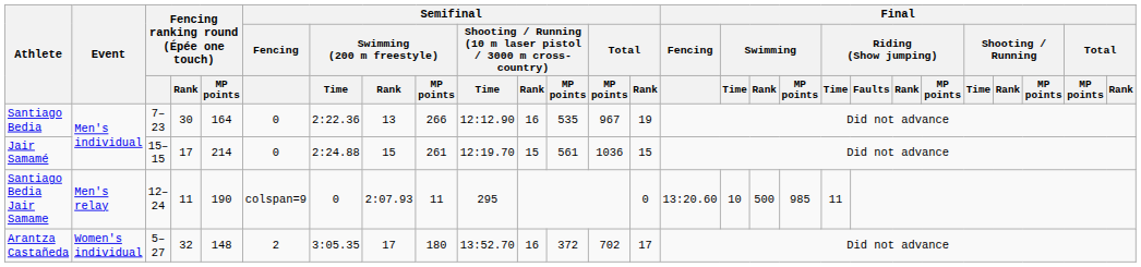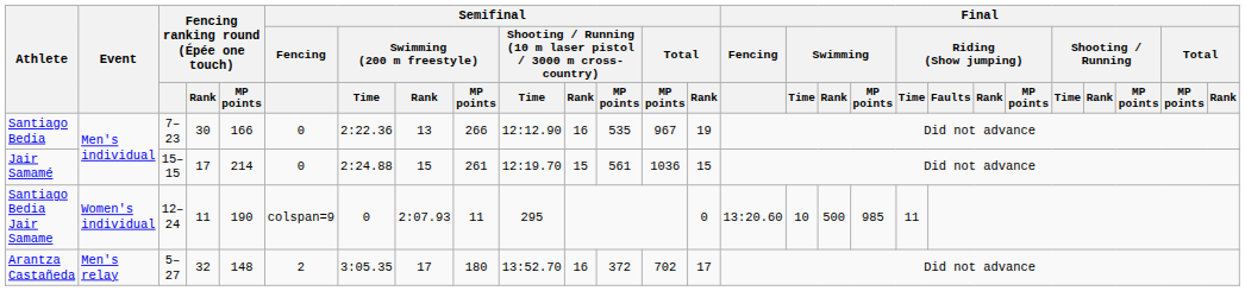 <table class=wikitable style=font-size:90%;text-align:center>
 <tr>
 <th rowspan=3>Athlete</th>
 <th rowspan=3>Event</th>
 <th colspan=3 rowspan=2>Fencing ranking round<br><span>(Épée one touch)</span></th>
 <th colspan=9>Semifinal</th>
 <th colspan=13>Final</th>
 </tr>
 <tr style=font-size:95%>
 <th>Fencing</th>
 <th colspan=3>Swimming<br><span>(200 m freestyle)</span></th>
 <th colspan=3>Shooting / Running<br><span>(10 m laser pistol / 3000 m cross-country)</span></th>
 <th colspan=2>Total</th>
 <th>Fencing</th>
 <th colspan=3>Swimming</th>
 <th colspan=4>Riding<br><span>(Show jumping)</span></th>
 <th colspan=3>Shooting / Running</th>
 <th colspan=2>Total</th>
 </tr>
 <tr style=font-size:90%>
 <th></th>
 <th>Rank</th>
 <th>MP points</th>
 <th></th>
 <th>Time</th>
 <th>Rank</th>
 <th>MP points</th>
 <th>Time</th>
 <th>Rank</th>
 <th>MP points</th>
 <th>MP points</th>
 <th>Rank</th>
 <th></th>
 <th>Time</th>
 <th>Rank</th>
 <th>MP points</th>
 <th>Time</th>
 <th>Faults</th>
 <th>Rank</th>
 <th>MP points</th>
 <th>Time</th>
 <th>Rank</th>
 <th>MP points</th>
 <th>MP points</th>
 <th>Rank</th>
 </tr>
 <tr>
 <td align=left><a href='#'>Santiago Bedia⁣</a></td>
 <td align=left rowspan=2><a href='#'>Men's individual</a></td>
 <td>7–23</td>
 <td>30</td>
-<td>164</td>
+<td>166</td>
 <td>0</td>
 <td>2:22.36</td>
 <td>13</td>
 <td>266</td>
 <td>12:12.90</td>
 <td>16</td>
 <td>535</td>
 <td>967</td>
 <td>19</td>
 <td colspan=13>Did not advance</td>
 </tr>
 <tr>
 <td align=left><a href='#'>Jair Samamé</a></td>
 <td>15–15</td>
 <td>17</td>
 <td>214</td>
 <td>0</td>
 <td>2:24.88</td>
 <td>15</td>
 <td>261</td>
 <td>12:19.70</td>
 <td>15</td>
 <td>561</td>
 <td>1036</td>
 <td>15</td>
 <td colspan=13>Did not advance</td>
 </tr>
 <tr>
 <td align=left><a href='#'>Santiago Bedia⁣</a><br><a href='#'>Jair Samame⁣</a></td>
-<td align=left><a href='#'>Men's relay</a></td>
+<td align=left><a href='#'>Women's individual</a></td>
 <td>12–24</td>
 <td>11</td>
 <td>190</td>
 <td>colspan=9 </td>
 <td>0</td>
 <td>2:07.93</td>
 <td>11</td>
 <td>295</td>
 <td colspan=3></td>
 <td>0</td>
 <td>13:20.60</td>
 <td>10</td>
 <td>500</td>
 <td>985</td>
 <td>11</td>
 </tr>
 <tr>
 <td align=left><a href='#'>Arantza Castañeda⁣</a></td>
-<td align=left><a href='#'>Women's individual</a></td>
+<td align=left><a href='#'>Men's relay</a></td>
 <td>5–27</td>
 <td>32</td>
 <td>148</td>
 <td>2</td>
 <td>3:05.35</td>
 <td>17</td>
 <td>180</td>
 <td>13:52.70</td>
 <td>16</td>
 <td>372</td>
 <td>702</td>
 <td>17</td>
 <td colspan=13>Did not advance</td>
 </tr>
 </table>
